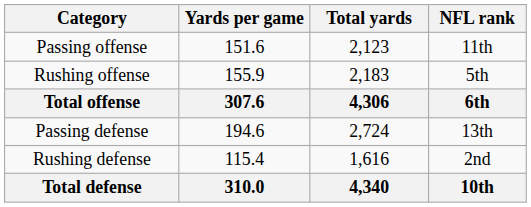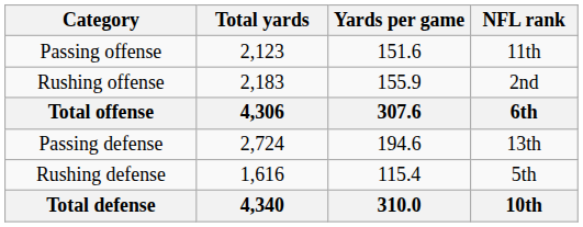 <table class="wikitable" style="text-align:center">
 <tr>
 <th width=150px>Category</th>
+<th width=100px>Total yards</th>
 <th width=110px>Yards per game</th>
-<th width=100px>Total yards</th>
 <th width=80px>NFL rank<br></th>
 </tr>
 <tr>
 <td>Passing offense</td>
+<td>2,123</td>
 <td>151.6</td>
-<td>2,123</td>
 <td>11th</td>
 </tr>
 <tr>
 <td>Rushing offense</td>
+<td>2,183</td>
 <td>155.9</td>
-<td>2,183</td>
-<td>5th</td>
+<td>2nd</td>
 </tr>
 <tr>
 <th>Total offense</th>
+<th>4,306</th>
 <th>307.6</th>
-<th>4,306</th>
 <th>6th</th>
 </tr>
 <tr>
 <td>Passing defense</td>
+<td>2,724</td>
 <td>194.6</td>
-<td>2,724</td>
 <td>13th</td>
 </tr>
 <tr>
 <td>Rushing defense</td>
+<td>1,616</td>
 <td>115.4</td>
-<td>1,616</td>
-<td>2nd</td>
+<td>5th</td>
 </tr>
 <tr>
 <th>Total defense</th>
+<th>4,340</th>
 <th>310.0</th>
-<th>4,340</th>
 <th>10th</th>
 </tr>
 </table>
